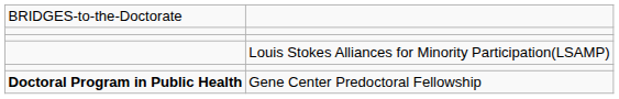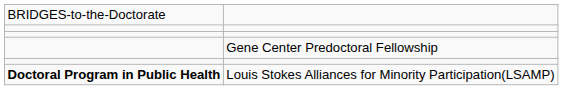 <table class="wikitable">
 <tr>
 <td>BRIDGES-to-the-Doctorate</td>
 <td></td>
 </tr>
 <tr>
 <td></td>
 <td></td>
 </tr>
 <tr>
 <td></td>
 <td></td>
 </tr>
 <tr>
 <td></td>
-<td>Louis Stokes Alliances for Minority Participation(LSAMP)</td>
+<td>Gene Center Predoctoral Fellowship</td>
 </tr>
 <tr>
 <td></td>
 <td></td>
 </tr>
 <tr>
 <td><strong>Doctoral Program in Public Health</strong></td>
-<td>Gene Center Predoctoral Fellowship</td>
+<td>Louis Stokes Alliances for Minority Participation(LSAMP)</td>
 </tr>
 </table>
